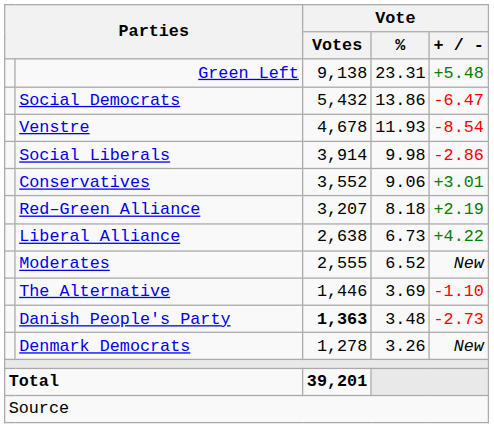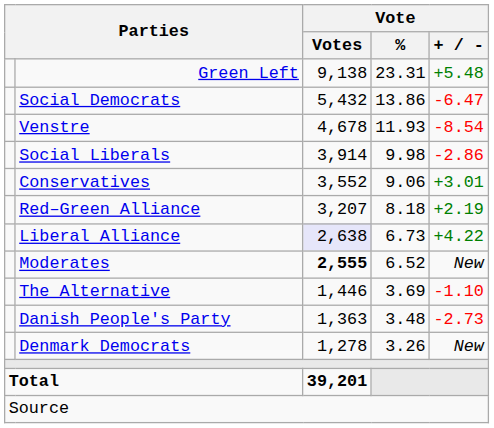 <table class="wikitable" style="text-align:right;">
 <tr>
 <th style="text-align:centre;" rowspan="2" colspan="2" width="225">Parties</th>
 <th colspan="3">Vote</th>
 </tr>
 <tr>
 <th width="15">Votes</th>
 <th width="15">%</th>
 <th width="15">+ / -</th>
 </tr>
 <tr>
 <td width=2 bgcolor=></td>
 <td><a href='#'>Green Left</a></td>
 <td>9,138</td>
 <td>23.31</td>
 <td style=color:green;>+5.48</td>
 </tr>
 <tr>
 <td width=2 bgcolor=></td>
 <td align=left><a href='#'>Social Democrats</a></td>
 <td>5,432</td>
 <td>13.86</td>
 <td style=color:red;>-6.47</td>
 </tr>
 <tr>
 <td width=2 bgcolor=></td>
 <td align=left><a href='#'>Venstre</a></td>
 <td>4,678</td>
 <td>11.93</td>
 <td style=color:red;>-8.54</td>
 </tr>
 <tr>
 <td width=2 bgcolor=></td>
 <td align=left><a href='#'>Social Liberals</a></td>
 <td>3,914</td>
 <td>9.98</td>
 <td style=color:red;>-2.86</td>
 </tr>
 <tr>
 <td width=2 bgcolor=></td>
 <td align=left><a href='#'>Conservatives</a></td>
 <td>3,552</td>
 <td>9.06</td>
 <td style=color:green;>+3.01</td>
 </tr>
 <tr>
 <td width=2 bgcolor=></td>
 <td align=left><a href='#'>Red–Green Alliance</a></td>
 <td>3,207</td>
 <td>8.18</td>
 <td style=color:green;>+2.19</td>
 </tr>
 <tr>
 <td width=2 bgcolor=></td>
 <td align=left><a href='#'>Liberal Alliance</a></td>
-<td>2,638</td>
+<td style="background: lavender;">2,638</td>
 <td>6.73</td>
 <td style=color:green;>+4.22</td>
 </tr>
 <tr>
 <td width=2 bgcolor=></td>
 <td align=left><a href='#'>Moderates</a></td>
-<td>2,555</td>
+<td><strong>2,555</strong></td>
 <td>6.52</td>
 <td><em>New</em></td>
 </tr>
 <tr>
 <td width=2 bgcolor=></td>
 <td align=left><a href='#'>The Alternative</a></td>
 <td>1,446</td>
 <td>3.69</td>
 <td style=color:red;>-1.10</td>
 </tr>
 <tr>
 <td width=2 bgcolor=></td>
 <td align=left><a href='#'>Danish People's Party</a></td>
-<td><strong>1,363</strong></td>
+<td>1,363</td>
 <td>3.48</td>
 <td style=color:red;>-2.73</td>
 </tr>
 <tr>
 <td width=2 bgcolor=></td>
 <td align=left><a href='#'>Denmark Democrats</a></td>
 <td>1,278</td>
 <td>3.26</td>
 <td><em>New</em></td>
 </tr>
 <tr>
 <td colspan="7" bgcolor="#E9E9E9"></td>
 </tr>
 <tr>
 <td align="left" colspan="2"><strong>Total</strong></td>
 <td><strong>39,201</strong></td>
 <td bgcolor=#E9E9E9 colspan=2></td>
 </tr>
 <tr>
 <td align="left" colspan="6">Source</td>
 </tr>
 </table>
